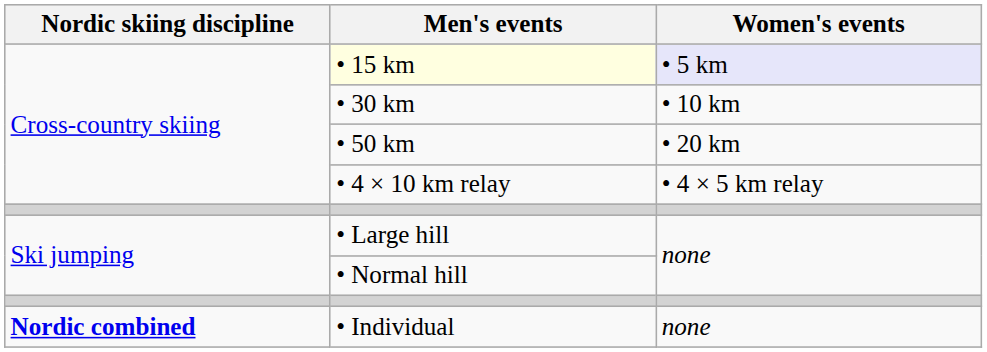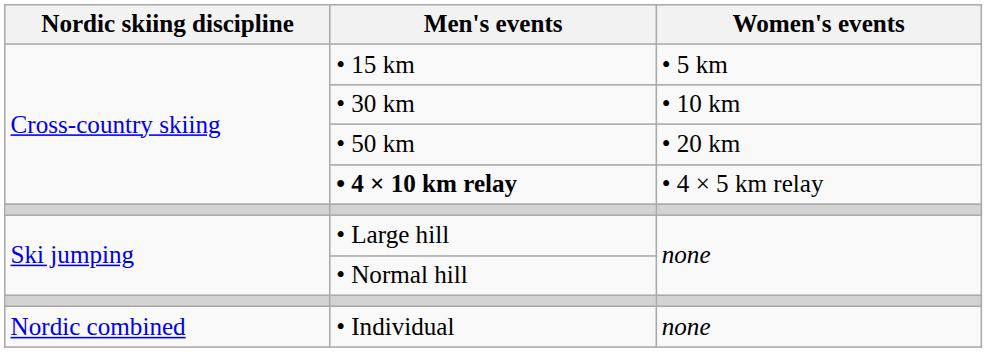 <table class="wikitable">
 <tr>
 <th width=200!>Nordic skiing discipline</th>
 <th width=200!>Men's events</th>
 <th width=200!>Women's events</th>
 </tr>
 <tr>
 <td rowspan=4><a href='#'>Cross-country skiing</a></td>
-<td style="background: lightyellow;">• 15 km</td>
-<td style="background: lavender;">• 5 km</td>
+<td>• 15 km</td>
+<td>• 5 km</td>
 </tr>
 <tr>
 <td>• 30 km</td>
 <td>• 10 km</td>
 </tr>
 <tr>
 <td>• 50 km</td>
 <td>• 20 km</td>
 </tr>
 <tr>
-<td>• 4 × 10 km relay</td>
+<td><strong>• 4 × 10 km relay</strong></td>
 <td>• 4 × 5 km relay</td>
 </tr>
 <tr bgcolor=lightgray>
 <td></td>
 <td></td>
 <td></td>
 </tr>
 <tr>
 <td rowspan=2><a href='#'>Ski jumping</a></td>
 <td>• Large hill</td>
 <td rowspan=2><em>none</em></td>
 </tr>
 <tr>
 <td>• Normal hill</td>
 </tr>
 <tr bgcolor=lightgray>
 <td></td>
 <td></td>
 <td></td>
 </tr>
 <tr>
-<td><strong><a href='#'>Nordic combined</a></strong></td>
+<td><a href='#'>Nordic combined</a></td>
 <td>• Individual</td>
 <td><em>none</em></td>
 </tr>
 </table>
